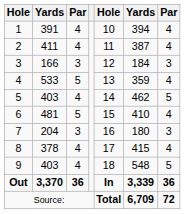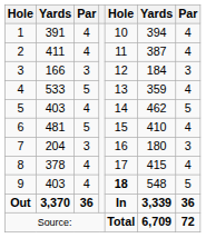 <table class=wikitable style="text-align:center">
 <tr>
 <th>Hole</th>
 <th>Yards</th>
 <th>Par</th>
 <th></th>
 <th>Hole</th>
 <th>Yards</th>
 <th>Par</th>
 </tr>
 <tr>
 <td>1</td>
 <td>391</td>
 <td>4</td>
 <td rowspan=10></td>
 <td>10</td>
 <td>394</td>
 <td>4</td>
 </tr>
 <tr>
 <td>2</td>
 <td>411</td>
 <td>4</td>
 <td>11</td>
 <td>387</td>
 <td>4</td>
 </tr>
 <tr>
 <td>3</td>
 <td>166</td>
 <td>3</td>
 <td>12</td>
 <td>184</td>
 <td>3</td>
 </tr>
 <tr>
 <td>4</td>
 <td>533</td>
 <td>5</td>
 <td>13</td>
 <td>359</td>
 <td>4</td>
 </tr>
 <tr>
 <td>5</td>
 <td>403</td>
 <td>4</td>
 <td>14</td>
 <td>462</td>
 <td>5</td>
 </tr>
 <tr>
 <td>6</td>
 <td>481</td>
 <td>5</td>
 <td>15</td>
 <td>410</td>
 <td>4</td>
 </tr>
 <tr>
 <td>7</td>
 <td>204</td>
 <td>3</td>
 <td>16</td>
 <td>180</td>
 <td>3</td>
 </tr>
 <tr>
 <td>8</td>
 <td>378</td>
 <td>4</td>
 <td>17</td>
 <td>415</td>
 <td>4</td>
 </tr>
 <tr>
 <td>9</td>
 <td>403</td>
 <td>4</td>
-<td>18</td>
+<td><strong>18</strong></td>
 <td>548</td>
 <td>5</td>
 </tr>
 <tr>
 <td><strong>Out</strong></td>
 <td><strong>3,370</strong></td>
 <td><strong>36</strong></td>
 <td><strong>In</strong></td>
 <td><strong>3,339</strong></td>
 <td><strong>36</strong></td>
 </tr>
 <tr>
 <td colspan=4><small>Source:</small></td>
 <td><strong>Total</strong></td>
 <td><strong>6,709</strong></td>
 <td><strong>72</strong></td>
 </tr>
 </table>
